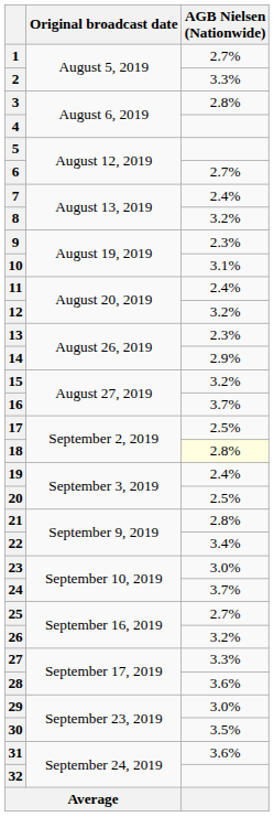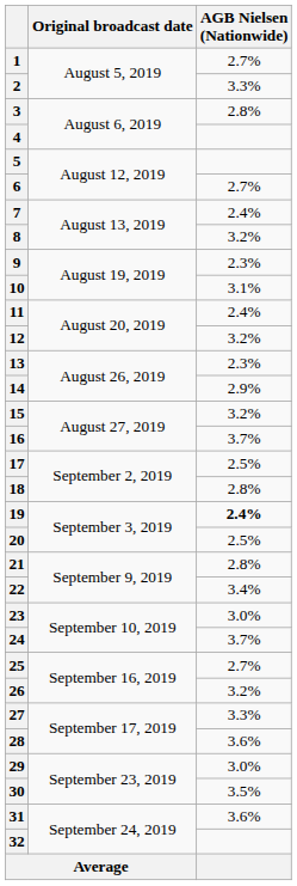 <table class="wikitable" style="text-align:center">
 <tr>
 <th></th>
 <th>Original broadcast date</th>
 <th>AGB Nielsen<br>(Nationwide)</th>
 </tr>
 <tr>
 <th>1</th>
 <td rowspan="2">August 5, 2019</td>
 <td>2.7%</td>
 </tr>
 <tr>
 <th>2</th>
 <td>3.3%</td>
 </tr>
 <tr>
 <th>3</th>
 <td rowspan="2">August 6, 2019</td>
 <td>2.8%</td>
 </tr>
 <tr>
 <th>4</th>
 <td></td>
 </tr>
 <tr>
 <th>5</th>
 <td rowspan="2">August 12, 2019</td>
 <td></td>
 </tr>
 <tr>
 <th>6</th>
 <td>2.7%</td>
 </tr>
 <tr>
 <th>7</th>
 <td rowspan="2">August 13, 2019</td>
 <td>2.4%</td>
 </tr>
 <tr>
 <th>8</th>
 <td>3.2%</td>
 </tr>
 <tr>
 <th>9</th>
 <td rowspan="2">August 19, 2019</td>
 <td>2.3%</td>
 </tr>
 <tr>
 <th>10</th>
 <td>3.1%</td>
 </tr>
 <tr>
 <th>11</th>
 <td rowspan="2">August 20, 2019</td>
 <td>2.4%</td>
 </tr>
 <tr>
 <th>12</th>
 <td>3.2%</td>
 </tr>
 <tr>
 <th>13</th>
 <td rowspan="2">August 26, 2019</td>
 <td>2.3%</td>
 </tr>
 <tr>
 <th>14</th>
 <td>2.9%</td>
 </tr>
 <tr>
 <th>15</th>
 <td rowspan="2">August 27, 2019</td>
 <td>3.2%</td>
 </tr>
 <tr>
 <th>16</th>
 <td>3.7%</td>
 </tr>
 <tr>
 <th>17</th>
 <td rowspan="2">September 2, 2019</td>
 <td>2.5%</td>
 </tr>
 <tr>
 <th>18</th>
-<td style="background: lightyellow;">2.8%</td>
+<td>2.8%</td>
 </tr>
 <tr>
 <th>19</th>
 <td rowspan="2">September 3, 2019</td>
-<td>2.4%</td>
+<td><strong>2.4%</strong></td>
 </tr>
 <tr>
 <th>20</th>
 <td>2.5%</td>
 </tr>
 <tr>
 <th>21</th>
 <td rowspan="2">September 9, 2019</td>
 <td>2.8%</td>
 </tr>
 <tr>
 <th>22</th>
 <td>3.4%</td>
 </tr>
 <tr>
 <th>23</th>
 <td rowspan="2">September 10, 2019</td>
 <td>3.0%</td>
 </tr>
 <tr>
 <th>24</th>
 <td>3.7%</td>
 </tr>
 <tr>
 <th>25</th>
 <td rowspan="2">September 16, 2019</td>
 <td>2.7%</td>
 </tr>
 <tr>
 <th>26</th>
 <td>3.2%</td>
 </tr>
 <tr>
 <th>27</th>
 <td rowspan="2">September 17, 2019</td>
 <td>3.3%</td>
 </tr>
 <tr>
 <th>28</th>
 <td>3.6%</td>
 </tr>
 <tr>
 <th>29</th>
 <td rowspan="2">September 23, 2019</td>
 <td>3.0%</td>
 </tr>
 <tr>
 <th>30</th>
 <td>3.5%</td>
 </tr>
 <tr>
 <th>31</th>
 <td rowspan="2">September 24, 2019</td>
 <td>3.6%</td>
 </tr>
 <tr>
 <th>32</th>
 <td></td>
 </tr>
 <tr>
 <th colspan="2">Average</th>
 <th></th>
 </tr>
 </table>
